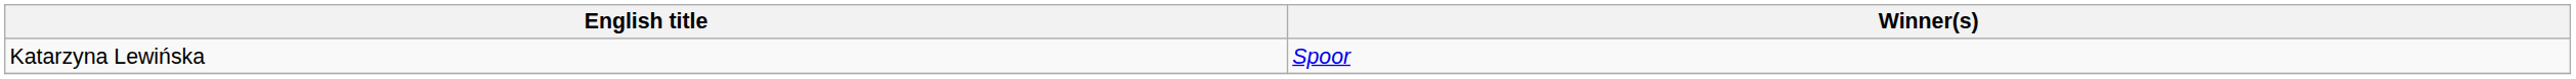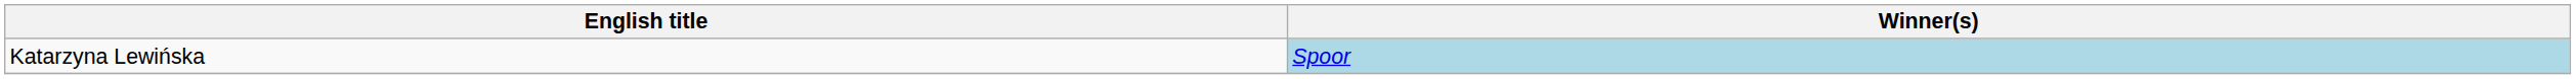 <table class="wikitable" width="95%" cellpadding="5">
 <tr>
 <th width="18%">English title</th>
 <th width="18%">Winner(s)</th>
 </tr>
 <tr>
 <td> Katarzyna Lewińska</td>
-<td><em><a href='#'>Spoor</a></em></td>
+<td style="background: lightblue;"><em><a href='#'>Spoor</a></em></td>
 </tr>
 <tr>
 </tr>
 </table>
